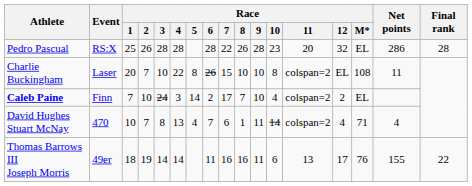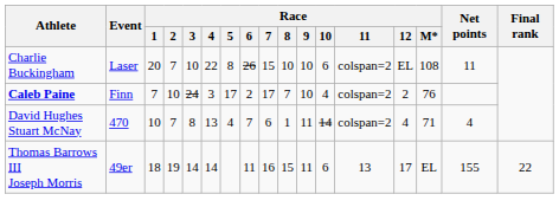 <table class=wikitable style=font-size:90%;text-align:center>
 <tr>
 <th rowspan=2>Athlete</th>
 <th rowspan=2>Event</th>
 <th colspan=13>Race</th>
 <th rowspan=2>Net points</th>
 <th rowspan=2>Final rank</th>
 </tr>
 <tr style=font-size:95%>
 <th>1</th>
 <th>2</th>
 <th>3</th>
 <th>4</th>
 <th>5</th>
 <th>6</th>
 <th>7</th>
 <th>8</th>
 <th>9</th>
 <th>10</th>
 <th>11</th>
 <th>12</th>
 <th>M*</th>
 </tr>
 <tr>
-<td align=left><a href='#'>Pedro Pascual</a></td>
-<td align=left><a href='#'>RS:X</a></td>
-<td>25</td>
-<td>26</td>
-<td>28</td>
-<td>28</td>
-<td><s></s></td>
-<td>28</td>
-<td>22</td>
-<td>26</td>
-<td>28</td>
-<td>23</td>
-<td>20</td>
-<td>32</td>
-<td>EL</td>
-<td>286</td>
-<td>28</td>
-</tr>
-<tr>
 <td align=left><a href='#'>Charlie Buckingham</a></td>
 <td align=left><a href='#'>Laser</a></td>
 <td>20</td>
 <td>7</td>
 <td>10</td>
 <td>22</td>
 <td>8</td>
 <td><s>26</s></td>
 <td>15</td>
 <td>10</td>
 <td>10</td>
-<td>8</td>
+<td>6</td>
 <td>colspan=2 </td>
 <td>EL</td>
 <td>108</td>
 <td>11</td>
 </tr>
 <tr>
 <td align=left><strong><a href='#'>Caleb Paine</a></strong></td>
 <td align=left><a href='#'>Finn</a></td>
 <td>7</td>
 <td>10</td>
 <td><s>24</s></td>
 <td>3</td>
-<td>14</td>
+<td>17</td>
 <td>2</td>
 <td>17</td>
 <td>7</td>
 <td>10</td>
 <td>4</td>
 <td>colspan=2 </td>
 <td>2</td>
-<td>EL</td>
+<td>76</td>
 <td></td>
 </tr>
 <tr>
 <td align=left><a href='#'>David Hughes</a><br><a href='#'>Stuart McNay</a></td>
 <td align=left><a href='#'>470</a></td>
 <td>10</td>
 <td>7</td>
 <td>8</td>
 <td>13</td>
 <td>4</td>
 <td>7</td>
 <td>6</td>
 <td>1</td>
 <td>11</td>
 <td><s>14</s></td>
 <td>colspan=2 </td>
 <td>4</td>
 <td>71</td>
 <td>4</td>
 </tr>
 <tr>
 <td align=left><a href='#'>Thomas Barrows III</a><br><a href='#'>Joseph Morris</a></td>
 <td align=left><a href='#'>49er</a></td>
 <td>18</td>
 <td>19</td>
 <td>14</td>
 <td>14</td>
 <td><s></s></td>
 <td>11</td>
 <td>16</td>
-<td>16</td>
+<td>15</td>
 <td>11</td>
 <td>6</td>
 <td>13</td>
 <td>17</td>
-<td>76</td>
+<td>EL</td>
 <td>155</td>
 <td>22</td>
 </tr>
 </table>
